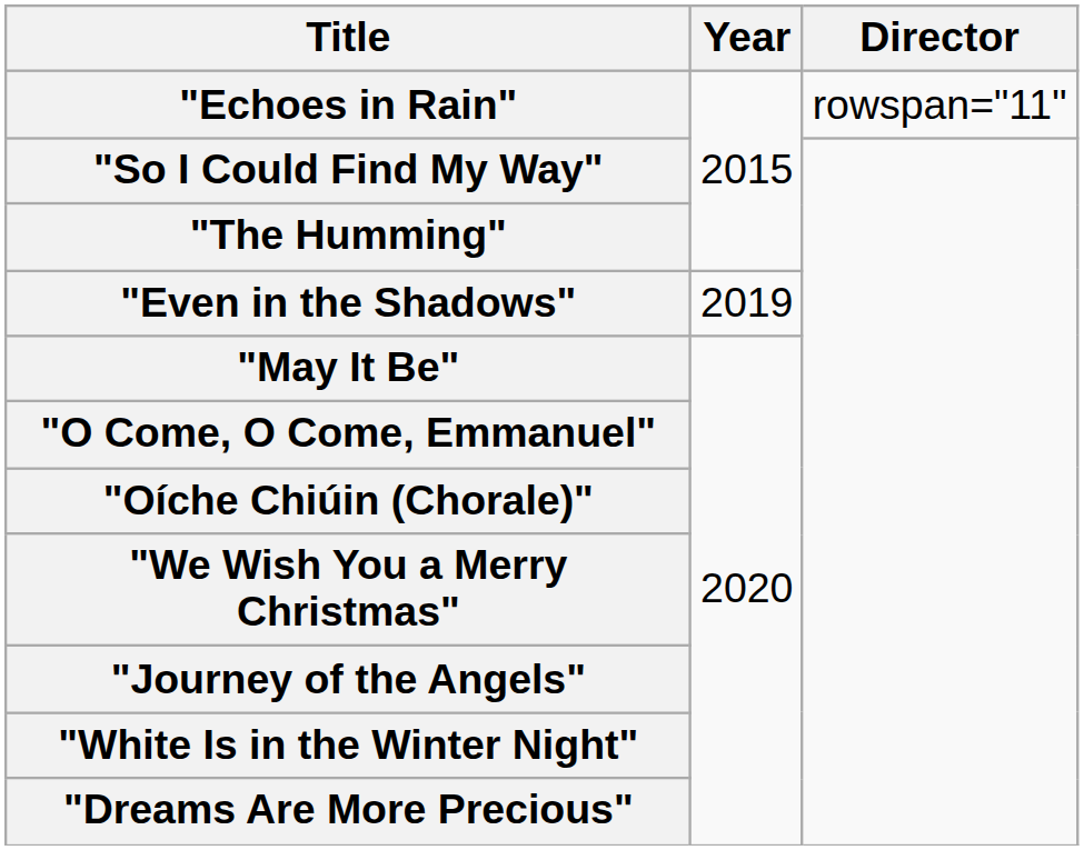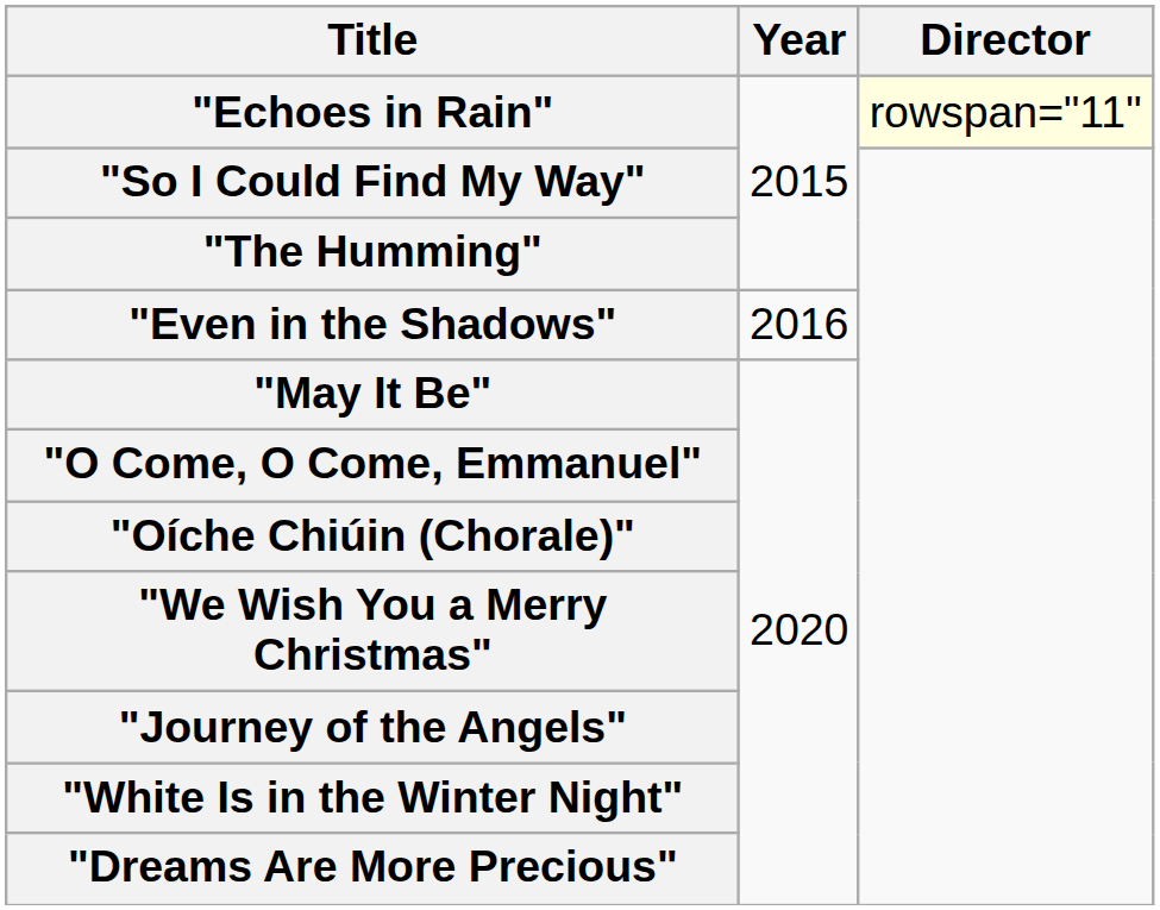 <table class="wikitable plainrowheaders" style="text-align:center;">
 <tr>
 <th scope="col" style="width:16em;">Title</th>
 <th scope="col">Year</th>
 <th scope="col">Director</th>
 </tr>
 <tr>
 <th scope="row" align="left">"Echoes in Rain"</th>
 <td rowspan="3">2015</td>
-<td>rowspan="11" </td>
+<td style="background: lightyellow;">rowspan="11" </td>
 </tr>
 <tr>
 <th scope="row" align="left">"So I Could Find My Way"</th>
 </tr>
 <tr>
 <th scope="row" align="left">"The Humming"</th>
 </tr>
 <tr>
 <th scope="row" align="left">"Even in the Shadows"</th>
-<td>2019</td>
+<td>2016</td>
 </tr>
 <tr>
 <th scope="row" align="left">"May It Be"</th>
 <td rowspan="7">2020</td>
 </tr>
 <tr>
 <th scope="row" align="left">"O Come, O Come, Emmanuel"</th>
 </tr>
 <tr>
 <th scope="row" align="left">"Oíche Chiúin (Chorale)"</th>
 </tr>
 <tr>
 <th scope="row" align="left">"We Wish You a Merry Christmas"</th>
 </tr>
 <tr>
 <th scope="row" align="left">"Journey of the Angels"</th>
 </tr>
 <tr>
 <th scope="row" align="left">"White Is in the Winter Night"</th>
 </tr>
 <tr>
 <th scope="row" align="left">"Dreams Are More Precious"</th>
 </tr>
 </table>
